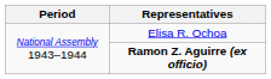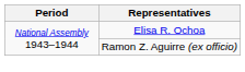 <table class="wikitable" style="text-align:center; width:40%;">
 <tr>
 <th width="40%">Period</th>
 <th>Representatives</th>
 </tr>
 <tr>
 <td rowspan="2"><small><a href='#'><em>National Assembly</em></a></small><br>1943–1944</td>
 <td><a href='#'>Elisa R. Ochoa</a></td>
 </tr>
 <tr>
-<td><strong>Ramon Z. Aguirre <em>(ex officio)</em></strong></td>
+<td>Ramon Z. Aguirre <em>(ex officio)</em></td>
 </tr>
 </table>
